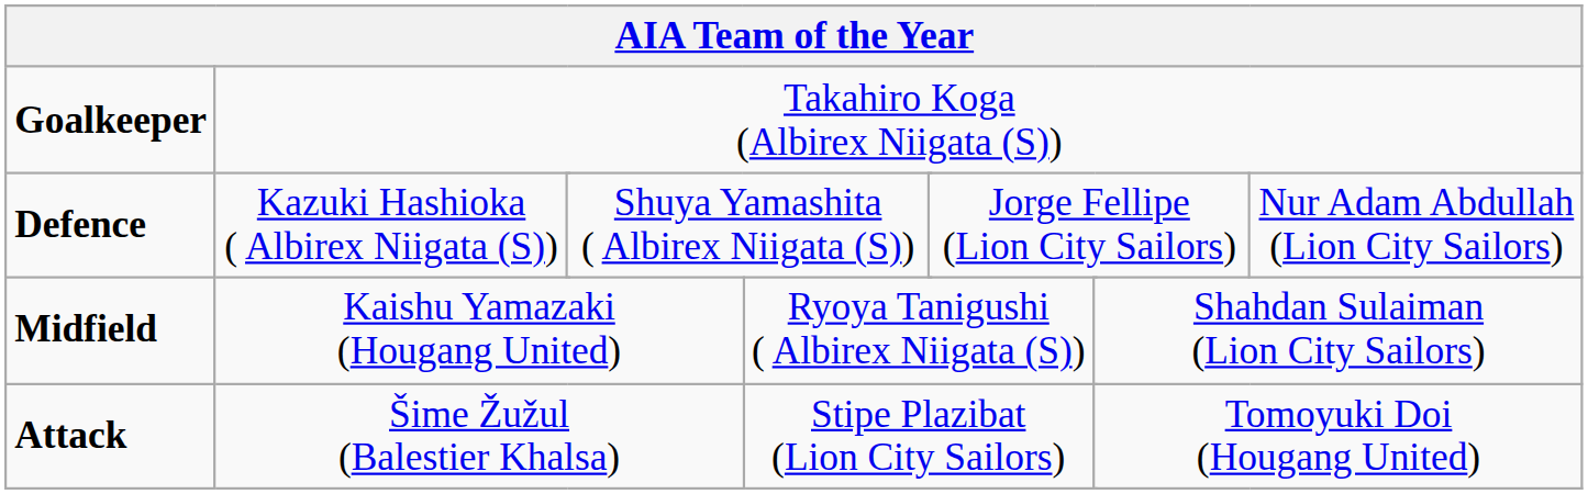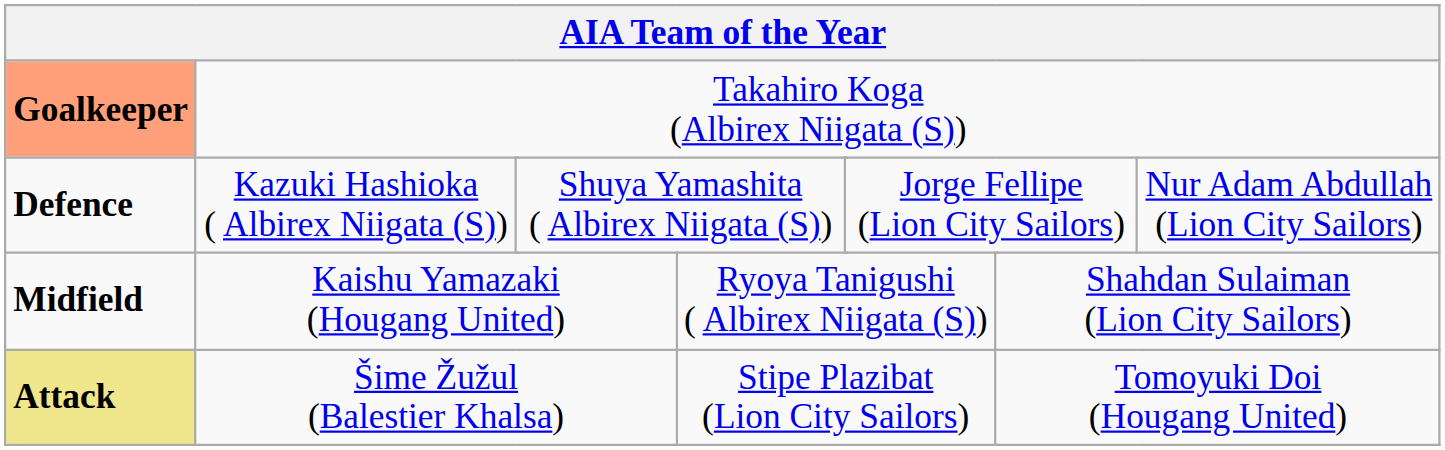 <table class="wikitable">
 <tr>
 <th colspan="13"><a href='#'>AIA Team of the Year</a></th>
 </tr>
 <tr>
-<td><strong>Goalkeeper</strong></td>
+<td style="background: lightsalmon;"><strong>Goalkeeper</strong></td>
 <td colspan="12" align="center"> <a href='#'>Takahiro Koga</a> <br> (<a href='#'>Albirex Niigata (S)</a>)</td>
 </tr>
 <tr>
 <td><strong>Defence</strong></td>
 <td colspan="3" align="center"> <a href='#'>Kazuki Hashioka</a> <br> ( <a href='#'>Albirex Niigata (S)</a>)</td>
 <td colspan="3" align="center"> <a href='#'>Shuya Yamashita</a> <br> ( <a href='#'>Albirex Niigata (S)</a>)</td>
 <td colspan="3" align="center"> <a href='#'>Jorge Fellipe</a> <br> (<a href='#'>Lion City Sailors</a>)</td>
 <td colspan="3" align="center"> <a href='#'>Nur Adam Abdullah</a> <br> (<a href='#'>Lion City Sailors</a>)</td>
 </tr>
 <tr>
 <td><strong>Midfield</strong></td>
 <td colspan="4" align="center"> <a href='#'>Kaishu Yamazaki</a> <br> (<a href='#'>Hougang United</a>)</td>
 <td colspan="4" align="center"> <a href='#'>Ryoya Tanigushi</a> <br> ( <a href='#'>Albirex Niigata (S)</a>)</td>
 <td colspan="4" align="center"> <a href='#'>Shahdan Sulaiman</a> <br> (<a href='#'>Lion City Sailors</a>)</td>
 </tr>
 <tr>
-<td><strong>Attack</strong></td>
+<td style="background: khaki;"><strong>Attack</strong></td>
 <td colspan="4" align="center"> <a href='#'>Šime Žužul</a> <br> (<a href='#'>Balestier Khalsa</a>)</td>
 <td colspan="4" align="center"> <a href='#'>Stipe Plazibat</a> <br> (<a href='#'>Lion City Sailors</a>)</td>
 <td colspan="4" align="center"> <a href='#'>Tomoyuki Doi</a> <br> (<a href='#'>Hougang United</a>)</td>
 </tr>
 </table>
